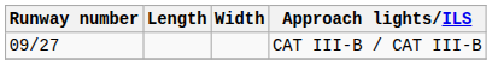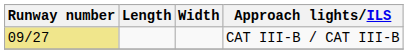 <table class="wikitable sortable">
 <tr>
 <th>Runway number</th>
 <th>Length</th>
 <th>Width</th>
 <th>Approach lights/<a href='#'>ILS</a></th>
 </tr>
 <tr>
-<td>09/27</td>
+<td style="background: khaki;">09/27</td>
 <td></td>
 <td></td>
 <td>CAT III-B / CAT III-B</td>
 </tr>
 <tr>
 </tr>
 </table>
